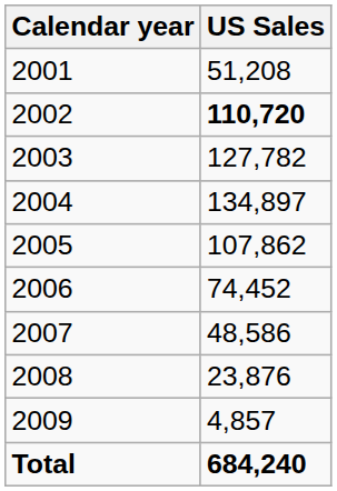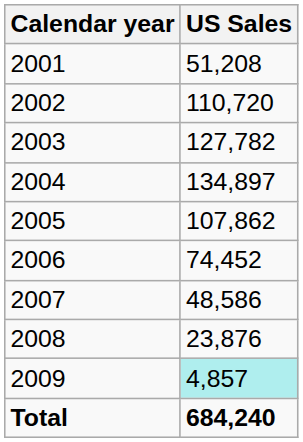 <table class="wikitable">
 <tr>
 <th>Calendar year</th>
 <th>US Sales</th>
 </tr>
 <tr>
 <td>2001</td>
 <td>51,208</td>
 </tr>
 <tr>
 <td>2002</td>
-<td><strong>110,720</strong></td>
+<td>110,720</td>
 </tr>
 <tr>
 <td>2003</td>
 <td>127,782</td>
 </tr>
 <tr>
 <td>2004</td>
 <td>134,897</td>
 </tr>
 <tr>
 <td>2005</td>
 <td>107,862</td>
 </tr>
 <tr>
 <td>2006</td>
 <td>74,452</td>
 </tr>
 <tr>
 <td>2007</td>
 <td>48,586</td>
 </tr>
 <tr>
 <td>2008</td>
 <td>23,876</td>
 </tr>
 <tr>
 <td>2009</td>
-<td>4,857</td>
+<td style="background: paleturquoise;">4,857</td>
 </tr>
 <tr>
 <td><strong>Total</strong></td>
 <td><strong>684,240</strong></td>
 </tr>
 </table>
